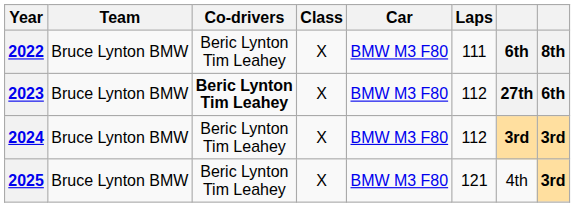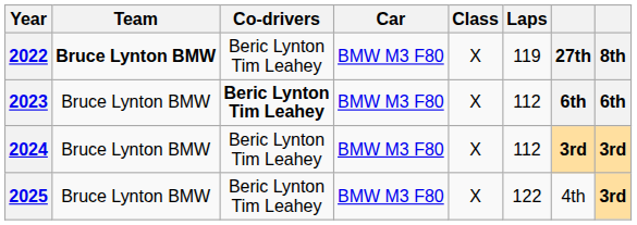 <table class="wikitable" style="font-size: 90%;">
 <tr>
 <th>Year</th>
 <th>Team</th>
 <th>Co-drivers</th>
+<th>Car</th>
 <th>Class</th>
-<th>Car</th>
 <th>Laps</th>
 <th></th>
 <th></th>
 </tr>
 <tr style="text-align:center;">
 <th><a href='#'>2022</a></th>
-<td> Bruce Lynton BMW</td>
+<td><strong> Bruce Lynton BMW</strong></td>
 <td> Beric Lynton<br> Tim Leahey</td>
+<td><a href='#'>BMW M3 F80</a></td>
 <td>X</td>
-<td><a href='#'>BMW M3 F80</a></td>
-<td>111</td>
-<th>6th</th>
+<td>119</td>
+<th>27th</th>
 <th>8th</th>
 </tr>
 <tr style="text-align:center;">
 <th><a href='#'>2023</a></th>
 <td> Bruce Lynton BMW</td>
 <td><strong> Beric Lynton<br> Tim Leahey</strong></td>
+<td><a href='#'>BMW M3 F80</a></td>
 <td>X</td>
-<td><a href='#'>BMW M3 F80</a></td>
 <td>112</td>
-<th>27th</th>
+<th>6th</th>
 <th>6th</th>
 </tr>
 <tr style="text-align:center;">
 <th><a href='#'>2024</a></th>
 <td> Bruce Lynton BMW</td>
 <td> Beric Lynton<br> Tim Leahey</td>
+<td><a href='#'>BMW M3 F80</a></td>
 <td>X</td>
-<td><a href='#'>BMW M3 F80</a></td>
 <td>112</td>
 <td style="background:#ffdf9f"><strong>3rd</strong></td>
 <td style="background:#ffdf9f"><strong>3rd</strong></td>
 </tr>
 <tr style="text-align:center;">
 <th><a href='#'>2025</a></th>
 <td> Bruce Lynton BMW</td>
 <td> Beric Lynton<br> Tim Leahey</td>
+<td><a href='#'>BMW M3 F80</a></td>
 <td>X</td>
-<td><a href='#'>BMW M3 F80</a></td>
-<td>121</td>
+<td>122</td>
 <td>4th</td>
 <td style="background:#ffdf9f"><strong>3rd</strong></td>
 </tr>
 </table>
